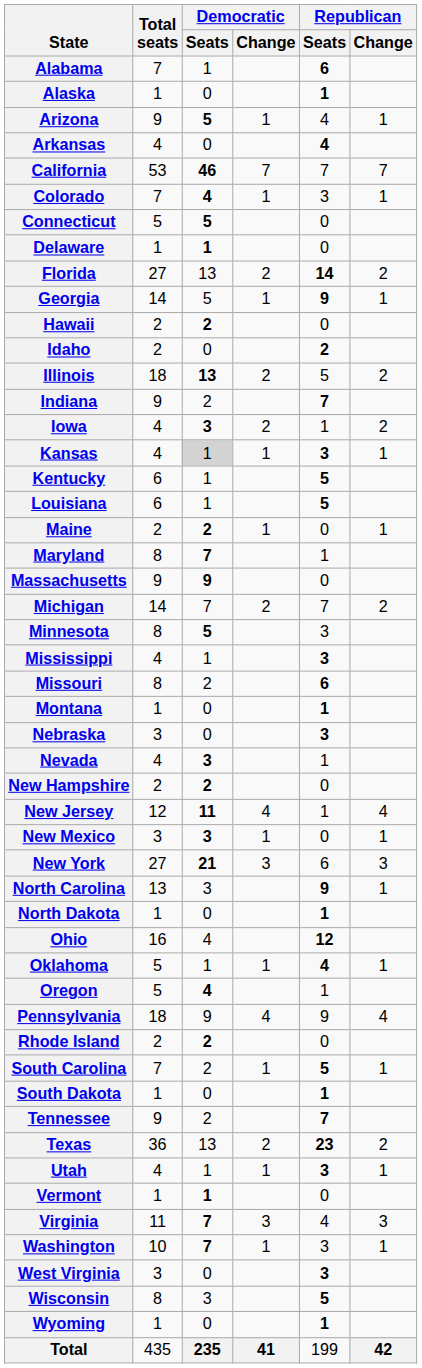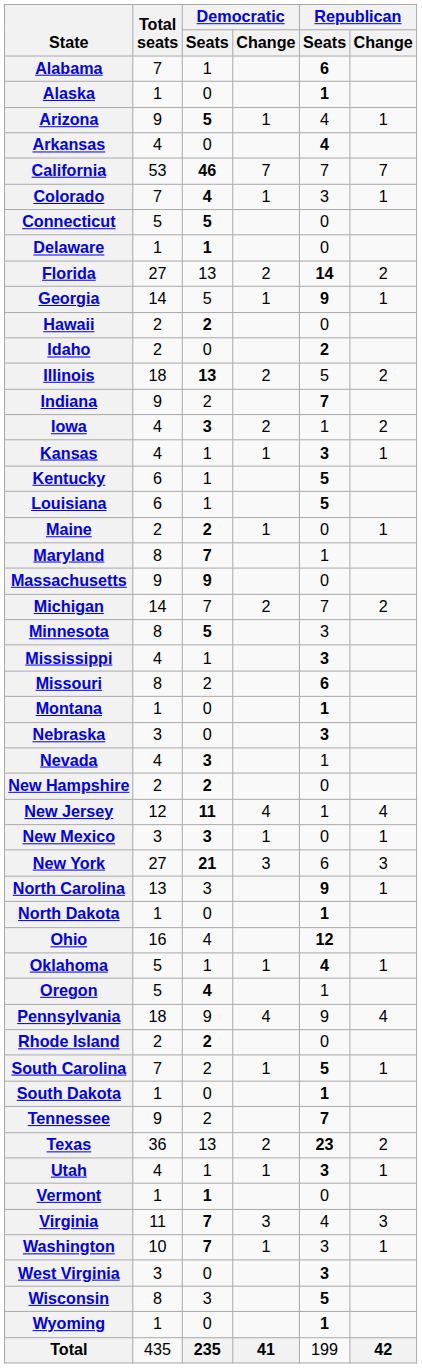 <table class=wikitable style="text-align:center">
 <tr valign=bottom>
 <th rowspan=2>State</th>
 <th rowspan=2>Total<br>seats</th>
 <th colspan=2 ><a href='#'>Democratic</a></th>
 <th colspan=2 ><a href='#'>Republican</a></th>
 </tr>
 <tr>
 <th>Seats</th>
 <th>Change</th>
 <th>Seats</th>
 <th>Change</th>
 </tr>
 <tr>
 <th><a href='#'>Alabama</a></th>
 <td>7</td>
 <td>1</td>
 <td></td>
 <td><strong>6</strong></td>
 <td></td>
 </tr>
 <tr>
 <th><a href='#'>Alaska</a></th>
 <td>1</td>
 <td>0</td>
 <td></td>
 <td><strong>1</strong></td>
 <td></td>
 </tr>
 <tr>
 <th><a href='#'>Arizona</a></th>
 <td>9</td>
 <td><strong>5</strong></td>
 <td>1</td>
 <td>4</td>
 <td>1</td>
 </tr>
 <tr>
 <th><a href='#'>Arkansas</a></th>
 <td>4</td>
 <td>0</td>
 <td></td>
 <td><strong>4</strong></td>
 <td></td>
 </tr>
 <tr>
 <th><a href='#'>California</a></th>
 <td>53</td>
 <td><strong>46</strong></td>
 <td>7</td>
 <td>7</td>
 <td>7</td>
 </tr>
 <tr>
 <th><a href='#'>Colorado</a></th>
 <td>7</td>
 <td><strong>4</strong></td>
 <td>1</td>
 <td>3</td>
 <td>1</td>
 </tr>
 <tr>
 <th><a href='#'>Connecticut</a></th>
 <td>5</td>
 <td><strong>5</strong></td>
 <td></td>
 <td>0</td>
 <td></td>
 </tr>
 <tr>
 <th><a href='#'>Delaware</a></th>
 <td>1</td>
 <td><strong>1</strong></td>
 <td></td>
 <td>0</td>
 <td></td>
 </tr>
 <tr>
 <th><a href='#'>Florida</a></th>
 <td>27</td>
 <td>13</td>
 <td>2</td>
 <td><strong>14</strong></td>
 <td>2</td>
 </tr>
 <tr>
 <th><a href='#'>Georgia</a></th>
 <td>14</td>
 <td>5</td>
 <td>1</td>
 <td><strong>9</strong></td>
 <td>1</td>
 </tr>
 <tr>
 <th><a href='#'>Hawaii</a></th>
 <td>2</td>
 <td><strong>2</strong></td>
 <td></td>
 <td>0</td>
 <td></td>
 </tr>
 <tr>
 <th><a href='#'>Idaho</a></th>
 <td>2</td>
 <td>0</td>
 <td></td>
 <td><strong>2</strong></td>
 <td></td>
 </tr>
 <tr>
 <th><a href='#'>Illinois</a></th>
 <td>18</td>
 <td><strong>13</strong></td>
 <td>2</td>
 <td>5</td>
 <td>2</td>
 </tr>
 <tr>
 <th><a href='#'>Indiana</a></th>
 <td>9</td>
 <td>2</td>
 <td></td>
 <td><strong>7</strong></td>
 <td></td>
 </tr>
 <tr>
 <th><a href='#'>Iowa</a></th>
 <td>4</td>
 <td><strong>3</strong></td>
 <td>2</td>
 <td>1</td>
 <td>2</td>
 </tr>
 <tr>
 <th><a href='#'>Kansas</a></th>
 <td>4</td>
-<td style="background: lightgrey;">1</td>
+<td>1</td>
 <td>1</td>
 <td><strong>3</strong></td>
 <td>1</td>
 </tr>
 <tr>
 <th><a href='#'>Kentucky</a></th>
 <td>6</td>
 <td>1</td>
 <td></td>
 <td><strong>5</strong></td>
 <td></td>
 </tr>
 <tr>
 <th><a href='#'>Louisiana</a></th>
 <td>6</td>
 <td>1</td>
 <td></td>
 <td><strong>5</strong></td>
 <td></td>
 </tr>
 <tr>
 <th><a href='#'>Maine</a></th>
 <td>2</td>
 <td><strong>2</strong></td>
 <td>1</td>
 <td>0</td>
 <td>1</td>
 </tr>
 <tr>
 <th><a href='#'>Maryland</a></th>
 <td>8</td>
 <td><strong>7</strong></td>
 <td></td>
 <td>1</td>
 <td></td>
 </tr>
 <tr>
 <th><a href='#'>Massachusetts</a></th>
 <td>9</td>
 <td><strong>9</strong></td>
 <td></td>
 <td>0</td>
 <td></td>
 </tr>
 <tr>
 <th><a href='#'>Michigan</a></th>
 <td>14</td>
 <td>7</td>
 <td>2</td>
 <td>7</td>
 <td>2</td>
 </tr>
 <tr>
 <th><a href='#'>Minnesota</a></th>
 <td>8</td>
 <td><strong>5</strong></td>
 <td></td>
 <td>3</td>
 <td></td>
 </tr>
 <tr>
 <th><a href='#'>Mississippi</a></th>
 <td>4</td>
 <td>1</td>
 <td></td>
 <td><strong>3</strong></td>
 <td></td>
 </tr>
 <tr>
 <th><a href='#'>Missouri</a></th>
 <td>8</td>
 <td>2</td>
 <td></td>
 <td><strong>6</strong></td>
 <td></td>
 </tr>
 <tr>
 <th><a href='#'>Montana</a></th>
 <td>1</td>
 <td>0</td>
 <td></td>
 <td><strong>1</strong></td>
 <td></td>
 </tr>
 <tr>
 <th><a href='#'>Nebraska</a></th>
 <td>3</td>
 <td>0</td>
 <td></td>
 <td><strong>3</strong></td>
 <td></td>
 </tr>
 <tr>
 <th><a href='#'>Nevada</a></th>
 <td>4</td>
 <td><strong>3</strong></td>
 <td></td>
 <td>1</td>
 <td></td>
 </tr>
 <tr>
 <th><a href='#'>New Hampshire</a></th>
 <td>2</td>
 <td><strong>2</strong></td>
 <td></td>
 <td>0</td>
 <td></td>
 </tr>
 <tr>
 <th><a href='#'>New Jersey</a></th>
 <td>12</td>
 <td><strong>11</strong></td>
 <td>4</td>
 <td>1</td>
 <td>4</td>
 </tr>
 <tr>
 <th><a href='#'>New Mexico</a></th>
 <td>3</td>
 <td><strong>3</strong></td>
 <td>1</td>
 <td>0</td>
 <td>1</td>
 </tr>
 <tr>
 <th><a href='#'>New York</a></th>
 <td>27</td>
 <td><strong>21</strong></td>
 <td>3</td>
 <td>6</td>
 <td>3</td>
 </tr>
 <tr>
 <th><a href='#'>North Carolina</a></th>
 <td>13</td>
 <td>3</td>
 <td></td>
 <td><strong>9</strong></td>
 <td>1</td>
 </tr>
 <tr>
 <th><a href='#'>North Dakota</a></th>
 <td>1</td>
 <td>0</td>
 <td></td>
 <td><strong>1</strong></td>
 <td></td>
 </tr>
 <tr>
 <th><a href='#'>Ohio</a></th>
 <td>16</td>
 <td>4</td>
 <td></td>
 <td><strong>12</strong></td>
 <td></td>
 </tr>
 <tr>
 <th><a href='#'>Oklahoma</a></th>
 <td>5</td>
 <td>1</td>
 <td>1</td>
 <td><strong>4</strong></td>
 <td>1</td>
 </tr>
 <tr>
 <th><a href='#'>Oregon</a></th>
 <td>5</td>
 <td><strong>4</strong></td>
 <td></td>
 <td>1</td>
 <td></td>
 </tr>
 <tr>
 <th><a href='#'>Pennsylvania</a></th>
 <td>18</td>
 <td>9</td>
 <td>4</td>
 <td>9</td>
 <td>4</td>
 </tr>
 <tr>
 <th><a href='#'>Rhode Island</a></th>
 <td>2</td>
 <td><strong>2</strong></td>
 <td></td>
 <td>0</td>
 <td></td>
 </tr>
 <tr>
 <th><a href='#'>South Carolina</a></th>
 <td>7</td>
 <td>2</td>
 <td>1</td>
 <td><strong>5</strong></td>
 <td>1</td>
 </tr>
 <tr>
 <th><a href='#'>South Dakota</a></th>
 <td>1</td>
 <td>0</td>
 <td></td>
 <td><strong>1</strong></td>
 <td></td>
 </tr>
 <tr>
 <th><a href='#'>Tennessee</a></th>
 <td>9</td>
 <td>2</td>
 <td></td>
 <td><strong>7</strong></td>
 <td></td>
 </tr>
 <tr>
 <th><a href='#'>Texas</a></th>
 <td>36</td>
 <td>13</td>
 <td>2</td>
 <td><strong>23</strong></td>
 <td>2</td>
 </tr>
 <tr>
 <th><a href='#'>Utah</a></th>
 <td>4</td>
 <td>1</td>
 <td>1</td>
 <td><strong>3</strong></td>
 <td>1</td>
 </tr>
 <tr>
 <th><a href='#'>Vermont</a></th>
 <td>1</td>
 <td><strong>1</strong></td>
 <td></td>
 <td>0</td>
 <td></td>
 </tr>
 <tr>
 <th><a href='#'>Virginia</a></th>
 <td>11</td>
 <td><strong>7</strong></td>
 <td>3</td>
 <td>4</td>
 <td>3</td>
 </tr>
 <tr>
 <th><a href='#'>Washington</a></th>
 <td>10</td>
 <td><strong>7</strong></td>
 <td>1</td>
 <td>3</td>
 <td>1</td>
 </tr>
 <tr>
 <th><a href='#'>West Virginia</a></th>
 <td>3</td>
 <td>0</td>
 <td></td>
 <td><strong>3</strong></td>
 <td></td>
 </tr>
 <tr>
 <th><a href='#'>Wisconsin</a></th>
 <td>8</td>
 <td>3</td>
 <td></td>
 <td><strong>5</strong></td>
 <td></td>
 </tr>
 <tr>
 <th><a href='#'>Wyoming</a></th>
 <td>1</td>
 <td>0</td>
 <td></td>
 <td><strong>1</strong></td>
 <td></td>
 </tr>
 <tr>
 <th>Total</th>
 <td>435</td>
 <th>235</th>
 <th>41</th>
 <td>199</td>
 <th>42</th>
 </tr>
 </table>
